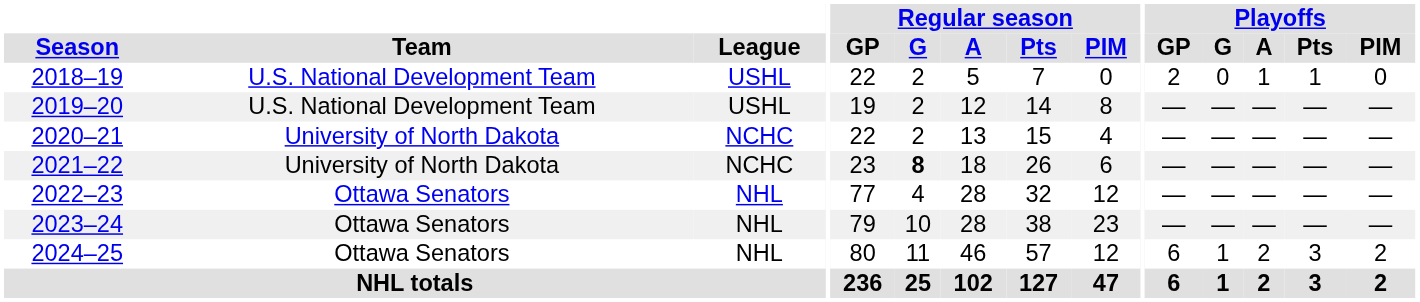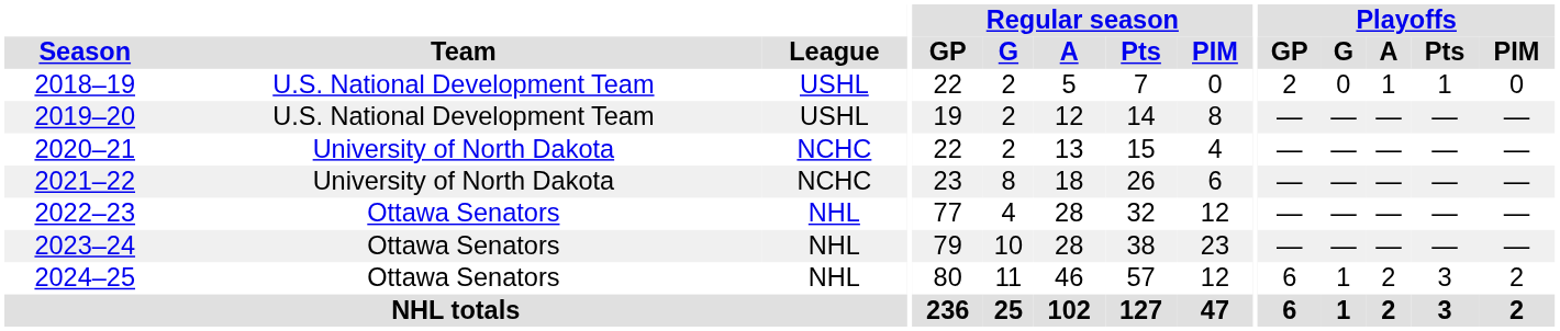 <table border="0" cellpadding="1" cellspacing="0" style="text-align:center; width:60em">
 <tr bgcolor="#e0e0e0">
 <th colspan="3" bgcolor="#ffffff"></th>
 <th rowspan="92" bgcolor="#ffffff"></th>
 <th colspan="5"><a href='#'>Regular season</a></th>
 <th rowspan="92" bgcolor="#ffffff"></th>
 <th colspan="5"><a href='#'>Playoffs</a></th>
 </tr>
 <tr bgcolor="#e0e0e0">
 <th><a href='#'>Season</a></th>
 <th>Team</th>
 <th>League</th>
 <th>GP</th>
 <th><a href='#'>G</a></th>
 <th><a href='#'>A</a></th>
 <th><a href='#'>Pts</a></th>
 <th><a href='#'>PIM</a></th>
 <th>GP</th>
 <th>G</th>
 <th>A</th>
 <th>Pts</th>
 <th>PIM</th>
 </tr>
 <tr>
 <td><a href='#'>2018–19</a></td>
 <td><a href='#'>U.S. National Development Team</a></td>
 <td><a href='#'>USHL</a></td>
 <td>22</td>
 <td>2</td>
 <td>5</td>
 <td>7</td>
 <td>0</td>
 <td>2</td>
 <td>0</td>
 <td>1</td>
 <td>1</td>
 <td>0</td>
 </tr>
 <tr bgcolor="#f0f0f0">
 <td><a href='#'>2019–20</a></td>
 <td>U.S. National Development Team</td>
 <td>USHL</td>
 <td>19</td>
 <td>2</td>
 <td>12</td>
 <td>14</td>
 <td>8</td>
 <td>—</td>
 <td>—</td>
 <td>—</td>
 <td>—</td>
 <td>—</td>
 </tr>
 <tr>
 <td><a href='#'>2020–21</a></td>
 <td><a href='#'>University of North Dakota</a></td>
 <td><a href='#'>NCHC</a></td>
 <td>22</td>
 <td>2</td>
 <td>13</td>
 <td>15</td>
 <td>4</td>
 <td>—</td>
 <td>—</td>
 <td>—</td>
 <td>—</td>
 <td>—</td>
 </tr>
 <tr bgcolor="#f0f0f0">
 <td><a href='#'>2021–22</a></td>
 <td>University of North Dakota</td>
 <td>NCHC</td>
 <td>23</td>
-<td><strong>8</strong></td>
+<td>8</td>
 <td>18</td>
 <td>26</td>
 <td>6</td>
 <td>—</td>
 <td>—</td>
 <td>—</td>
 <td>—</td>
 <td>—</td>
 </tr>
 <tr>
 <td><a href='#'>2022–23</a></td>
 <td><a href='#'>Ottawa Senators</a></td>
 <td><a href='#'>NHL</a></td>
 <td>77</td>
 <td>4</td>
 <td>28</td>
 <td>32</td>
 <td>12</td>
 <td>—</td>
 <td>—</td>
 <td>—</td>
 <td>—</td>
 <td>—</td>
 </tr>
 <tr bgcolor="#f0f0f0">
 <td><a href='#'>2023–24</a></td>
 <td>Ottawa Senators</td>
 <td>NHL</td>
 <td>79</td>
 <td>10</td>
 <td>28</td>
 <td>38</td>
 <td>23</td>
 <td>—</td>
 <td>—</td>
 <td>—</td>
 <td>—</td>
 <td>—</td>
 </tr>
 <tr>
 <td><a href='#'>2024–25</a></td>
 <td>Ottawa Senators</td>
 <td>NHL</td>
 <td>80</td>
 <td>11</td>
 <td>46</td>
 <td>57</td>
 <td>12</td>
 <td>6</td>
 <td>1</td>
 <td>2</td>
 <td>3</td>
 <td>2</td>
 </tr>
 <tr bgcolor="#e0e0e0">
 <th colspan="3">NHL totals</th>
 <th>236</th>
 <th>25</th>
 <th>102</th>
 <th>127</th>
 <th>47</th>
 <th>6</th>
 <th>1</th>
 <th>2</th>
 <th>3</th>
 <th>2</th>
 </tr>
 </table>
